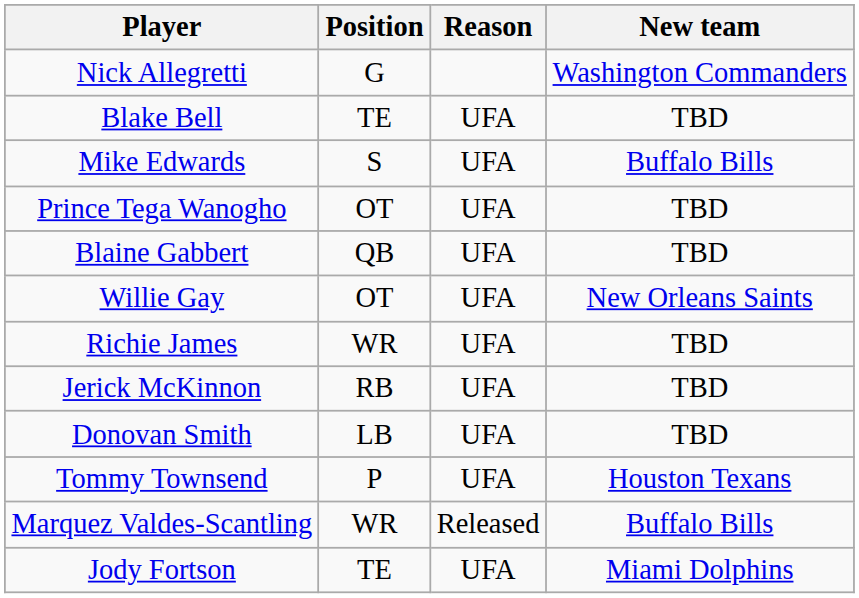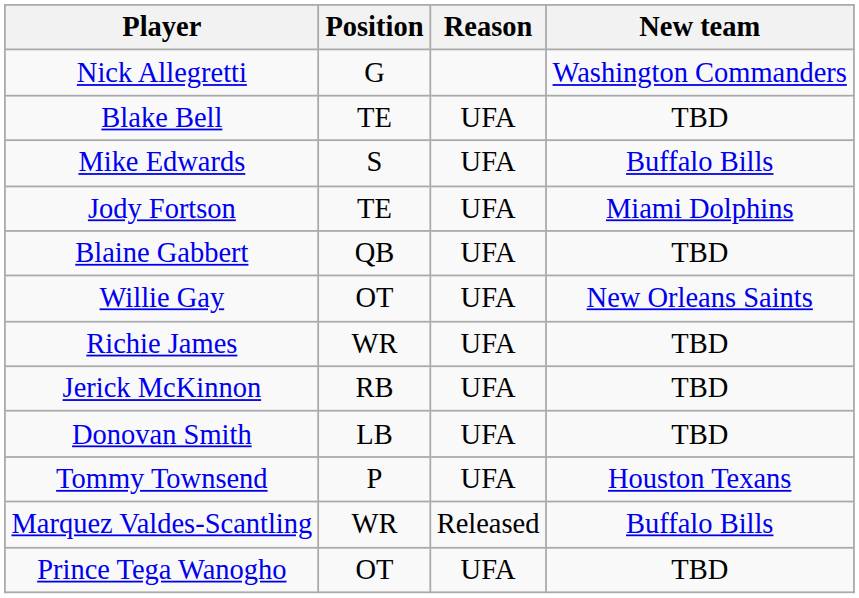 <table class="wikitable" style="text-align:center">
 <tr>
 <th>Player</th>
 <th>Position</th>
 <th>Reason</th>
 <th>New team</th>
 </tr>
 <tr>
 <td><a href='#'>Nick Allegretti</a></td>
 <td>G</td>
 <td></td>
 <td><a href='#'>Washington Commanders</a></td>
 </tr>
 <tr>
 <td><a href='#'>Blake Bell</a></td>
 <td>TE</td>
 <td>UFA</td>
 <td>TBD</td>
 </tr>
 <tr>
 <td><a href='#'>Mike Edwards</a></td>
 <td>S</td>
 <td>UFA</td>
 <td><a href='#'>Buffalo Bills</a></td>
 </tr>
 <tr>
-<td><a href='#'>Prince Tega Wanogho</a></td>
-<td>OT</td>
+<td><a href='#'>Jody Fortson</a></td>
+<td>TE</td>
 <td>UFA</td>
-<td>TBD</td>
+<td><a href='#'>Miami Dolphins</a></td>
 </tr>
 <tr>
 <td><a href='#'>Blaine Gabbert</a></td>
 <td>QB</td>
 <td>UFA</td>
 <td>TBD</td>
 </tr>
 <tr>
 <td><a href='#'>Willie Gay</a></td>
 <td>OT</td>
 <td>UFA</td>
 <td><a href='#'>New Orleans Saints</a></td>
 </tr>
 <tr>
 <td><a href='#'>Richie James</a></td>
 <td>WR</td>
 <td>UFA</td>
 <td>TBD</td>
 </tr>
 <tr>
 <td><a href='#'>Jerick McKinnon</a></td>
 <td>RB</td>
 <td>UFA</td>
 <td>TBD</td>
 </tr>
 <tr>
 <td><a href='#'>Donovan Smith</a></td>
 <td>LB</td>
 <td>UFA</td>
 <td>TBD</td>
 </tr>
 <tr>
 <td><a href='#'>Tommy Townsend</a></td>
 <td>P</td>
 <td>UFA</td>
 <td><a href='#'>Houston Texans</a></td>
 </tr>
 <tr>
 <td><a href='#'>Marquez Valdes-Scantling</a></td>
 <td>WR</td>
 <td>Released</td>
 <td><a href='#'>Buffalo Bills</a></td>
 </tr>
 <tr>
-<td><a href='#'>Jody Fortson</a></td>
-<td>TE</td>
+<td><a href='#'>Prince Tega Wanogho</a></td>
+<td>OT</td>
 <td>UFA</td>
-<td><a href='#'>Miami Dolphins</a></td>
+<td>TBD</td>
 </tr>
 </table>
